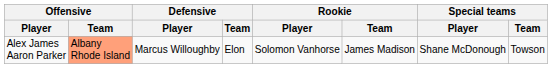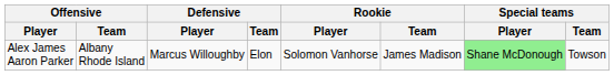 <table class="wikitable" border="1">
 <tr>
 <th colspan="2">Offensive</th>
 <th colspan="2">Defensive</th>
 <th colspan="2">Rookie</th>
 <th colspan="2">Special teams</th>
 </tr>
 <tr>
 <th>Player</th>
 <th>Team</th>
 <th>Player</th>
 <th>Team</th>
 <th>Player</th>
 <th>Team</th>
 <th>Player</th>
 <th>Team</th>
 </tr>
 <tr>
 <td>Alex James<br>Aaron Parker</td>
-<td style="background: lightsalmon;">Albany<br>Rhode Island</td>
+<td>Albany<br>Rhode Island</td>
 <td>Marcus Willoughby</td>
 <td>Elon</td>
 <td>Solomon Vanhorse</td>
 <td>James Madison</td>
-<td>Shane McDonough</td>
+<td style="background: lightgreen;">Shane McDonough</td>
 <td>Towson</td>
 </tr>
 </table>
